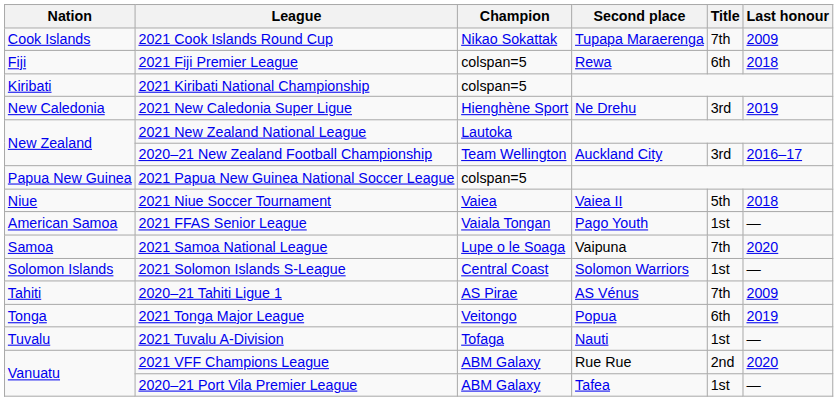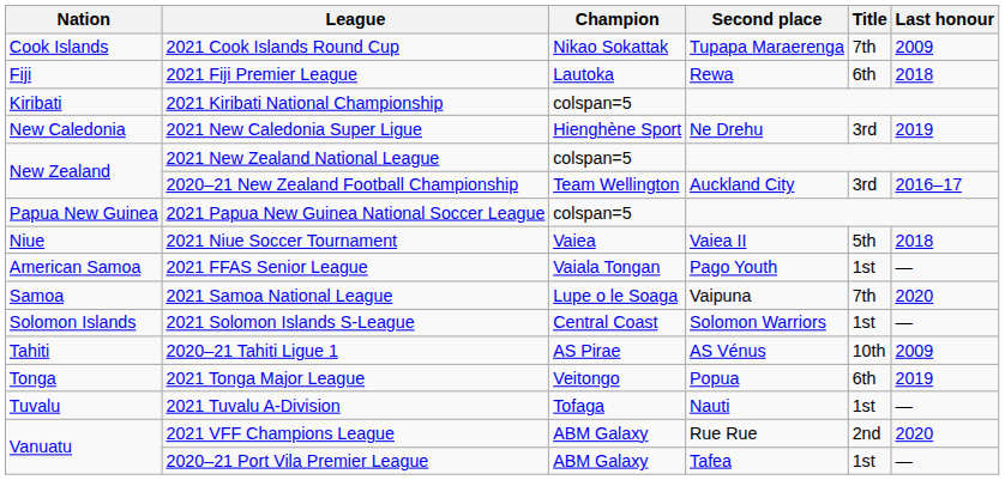 <table class=wikitable style="font-size:14px">
 <tr>
 <th>Nation</th>
 <th>League</th>
 <th>Champion</th>
 <th>Second place</th>
 <th data-sort-type="number">Title</th>
 <th>Last honour</th>
 </tr>
 <tr>
 <td align=left> <a href='#'>Cook Islands</a></td>
 <td align=left><a href='#'>2021 Cook Islands Round Cup</a></td>
 <td><a href='#'>Nikao Sokattak</a></td>
 <td><a href='#'>Tupapa Maraerenga</a></td>
 <td>7th</td>
 <td><a href='#'>2009</a></td>
 </tr>
 <tr>
 <td align=left> <a href='#'>Fiji</a></td>
 <td align=left><a href='#'>2021 Fiji Premier League</a></td>
-<td>colspan=5 </td>
+<td><a href='#'>Lautoka</a></td>
 <td><a href='#'>Rewa</a></td>
 <td>6th</td>
 <td><a href='#'>2018</a></td>
 </tr>
 <tr>
 <td align=left> <a href='#'>Kiribati</a></td>
 <td align=left><a href='#'>2021 Kiribati National Championship</a></td>
 <td>colspan=5 </td>
 </tr>
 <tr>
 <td align=left> <a href='#'>New Caledonia</a></td>
 <td align=left><a href='#'>2021 New Caledonia Super Ligue</a></td>
 <td><a href='#'>Hienghène Sport</a></td>
 <td><a href='#'>Ne Drehu</a></td>
 <td>3rd</td>
 <td><a href='#'>2019</a></td>
 </tr>
 <tr>
 <td rowspan="2" style="text-align:left;"> <a href='#'>New Zealand</a></td>
 <td align=left><a href='#'>2021 New Zealand National League</a></td>
-<td><a href='#'>Lautoka</a></td>
+<td>colspan=5 </td>
 </tr>
 <tr>
 <td align=left><a href='#'>2020–21 New Zealand Football Championship</a></td>
 <td><a href='#'>Team Wellington</a></td>
 <td><a href='#'>Auckland City</a></td>
 <td>3rd</td>
 <td><a href='#'>2016–17</a></td>
 </tr>
 <tr>
 <td align=left> <a href='#'>Papua New Guinea</a></td>
 <td align=left><a href='#'>2021 Papua New Guinea National Soccer League</a></td>
 <td>colspan=5 </td>
 </tr>
 <tr>
 <td align=left> <a href='#'>Niue</a></td>
 <td align=left><a href='#'>2021 Niue Soccer Tournament</a></td>
 <td><a href='#'>Vaiea</a></td>
 <td><a href='#'>Vaiea II</a></td>
 <td>5th</td>
 <td><a href='#'>2018</a></td>
 </tr>
 <tr>
 <td align=left> <a href='#'>American Samoa</a></td>
 <td align=left><a href='#'>2021 FFAS Senior League</a></td>
 <td><a href='#'>Vaiala Tongan</a></td>
 <td><a href='#'>Pago Youth</a></td>
 <td>1st</td>
 <td>—</td>
 </tr>
 <tr>
 <td align=left> <a href='#'>Samoa</a></td>
 <td align=left><a href='#'>2021 Samoa National League</a></td>
 <td><a href='#'>Lupe o le Soaga</a></td>
 <td>Vaipuna</td>
 <td>7th</td>
 <td><a href='#'>2020</a></td>
 </tr>
 <tr>
 <td align=left> <a href='#'>Solomon Islands</a></td>
 <td align=left><a href='#'>2021 Solomon Islands S-League</a></td>
 <td><a href='#'>Central Coast</a></td>
 <td><a href='#'>Solomon Warriors</a></td>
 <td>1st</td>
 <td>—</td>
 </tr>
 <tr>
 <td align=left> <a href='#'>Tahiti</a></td>
 <td align=left><a href='#'>2020–21 Tahiti Ligue 1</a></td>
 <td><a href='#'>AS Pirae</a></td>
 <td><a href='#'>AS Vénus</a></td>
-<td>7th</td>
+<td>10th</td>
 <td><a href='#'>2009</a></td>
 </tr>
 <tr>
 <td align=left> <a href='#'>Tonga</a></td>
 <td align=left><a href='#'>2021 Tonga Major League</a></td>
 <td><a href='#'>Veitongo</a></td>
 <td><a href='#'>Popua</a></td>
 <td>6th</td>
 <td><a href='#'>2019</a></td>
 </tr>
 <tr>
 <td align=left> <a href='#'>Tuvalu</a></td>
 <td align=left><a href='#'>2021 Tuvalu A-Division</a></td>
 <td><a href='#'>Tofaga</a></td>
 <td><a href='#'>Nauti</a></td>
 <td>1st</td>
 <td>—</td>
 </tr>
 <tr>
 <td rowspan="2" style="text-align:left;"> <a href='#'>Vanuatu</a></td>
 <td align=left><a href='#'>2021 VFF Champions League</a></td>
 <td><a href='#'>ABM Galaxy</a></td>
 <td>Rue Rue</td>
 <td>2nd</td>
 <td><a href='#'>2020</a></td>
 </tr>
 <tr>
 <td align=left><a href='#'>2020–21 Port Vila Premier League</a></td>
 <td><a href='#'>ABM Galaxy</a></td>
 <td><a href='#'>Tafea</a></td>
 <td>1st</td>
 <td>—</td>
 </tr>
 </table>
